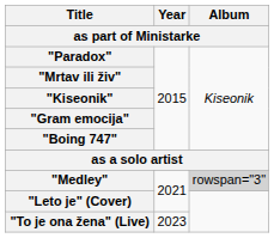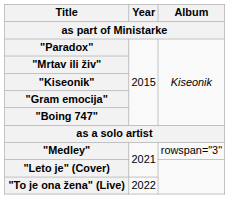 <table class="wikitable plainrowheaders" style="text-align:center;">
 <tr>
 <th scope="col" style="width:11em;">Title</th>
 <th scope="col">Year</th>
 <th scope="col">Album</th>
 </tr>
 <tr>
 <th colspan="3" scope="col">as part of Ministarke</th>
 </tr>
 <tr>
 <th scope="row">"Paradox"</th>
 <td rowspan="5">2015</td>
 <td rowspan="5"><em>Kiseonik</em></td>
 </tr>
 <tr>
 <th scope="row">"Mrtav ili živ"</th>
 </tr>
 <tr>
 <th scope="row">"Kiseonik"</th>
 </tr>
 <tr>
 <th scope="row">"Gram emocija"</th>
 </tr>
 <tr>
 <th scope="row">"Boing 747"</th>
 </tr>
 <tr>
 <th colspan="3" scope="col">as a solo artist</th>
 </tr>
 <tr>
 <th scope="row">"Medley"</th>
 <td rowspan="2">2021</td>
-<td style="background: lightgrey;">rowspan="3" </td>
+<td>rowspan="3" </td>
 </tr>
 <tr>
 <th scope="row">"Leto je" (Cover)</th>
 </tr>
 <tr>
 <th scope="row">"To je ona žena" (Live)</th>
-<td>2023</td>
+<td>2022</td>
 </tr>
 </table>
